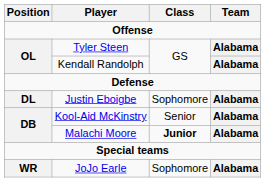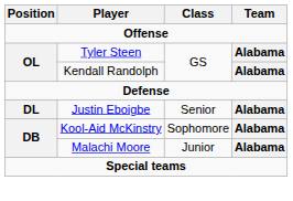 <table class="wikitable">
 <tr>
 <th>Position</th>
 <th>Player</th>
 <th>Class</th>
 <th>Team</th>
 </tr>
 <tr>
 <td colspan="4" style="text-align:center; "><strong>Offense</strong></td>
 </tr>
 <tr style="text-align:center;">
 <th rowspan="2">OL</th>
 <td><a href='#'>Tyler Steen</a></td>
 <td rowspan="2">GS</td>
 <th style=>Alabama</th>
 </tr>
 <tr style="text-align:center;">
 <td>Kendall Randolph</td>
 <th style=>Alabama</th>
 </tr>
 <tr>
 <td colspan="4" style="text-align:center; "><strong>Defense</strong></td>
 </tr>
 <tr style="text-align:center;">
 <th rowspan="1">DL</th>
 <td><a href='#'>Justin Eboigbe</a></td>
-<td>Sophomore</td>
+<td>Senior</td>
 <th style=>Alabama</th>
 </tr>
 <tr style="text-align:center;">
 <th rowspan="2">DB</th>
 <td><a href='#'>Kool-Aid McKinstry</a></td>
-<td>Senior</td>
+<td>Sophomore</td>
 <th style=>Alabama</th>
 </tr>
 <tr style="text-align:center;">
 <td><a href='#'>Malachi Moore</a></td>
-<td><strong>Junior</strong></td>
+<td>Junior</td>
 <th style=>Alabama</th>
 </tr>
 <tr>
 <td colspan="4" style="text-align:center; "><strong>Special teams</strong></td>
 </tr>
-<tr style="text-align:center;">
-<th rowspan="1">WR</th>
-<td><a href='#'>JoJo Earle</a></td>
-<td>Sophomore</td>
-<th style=>Alabama</th>
-</tr>
 </table>
